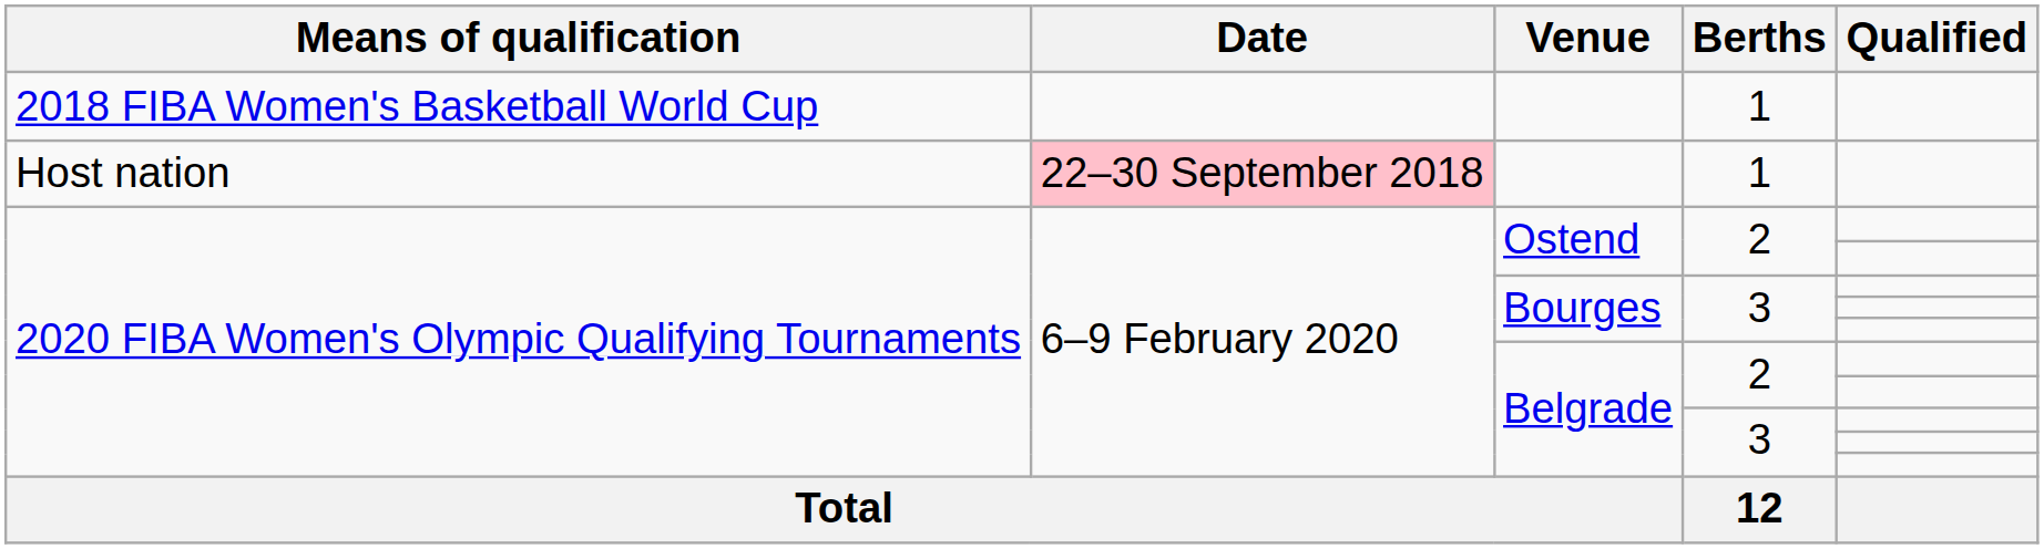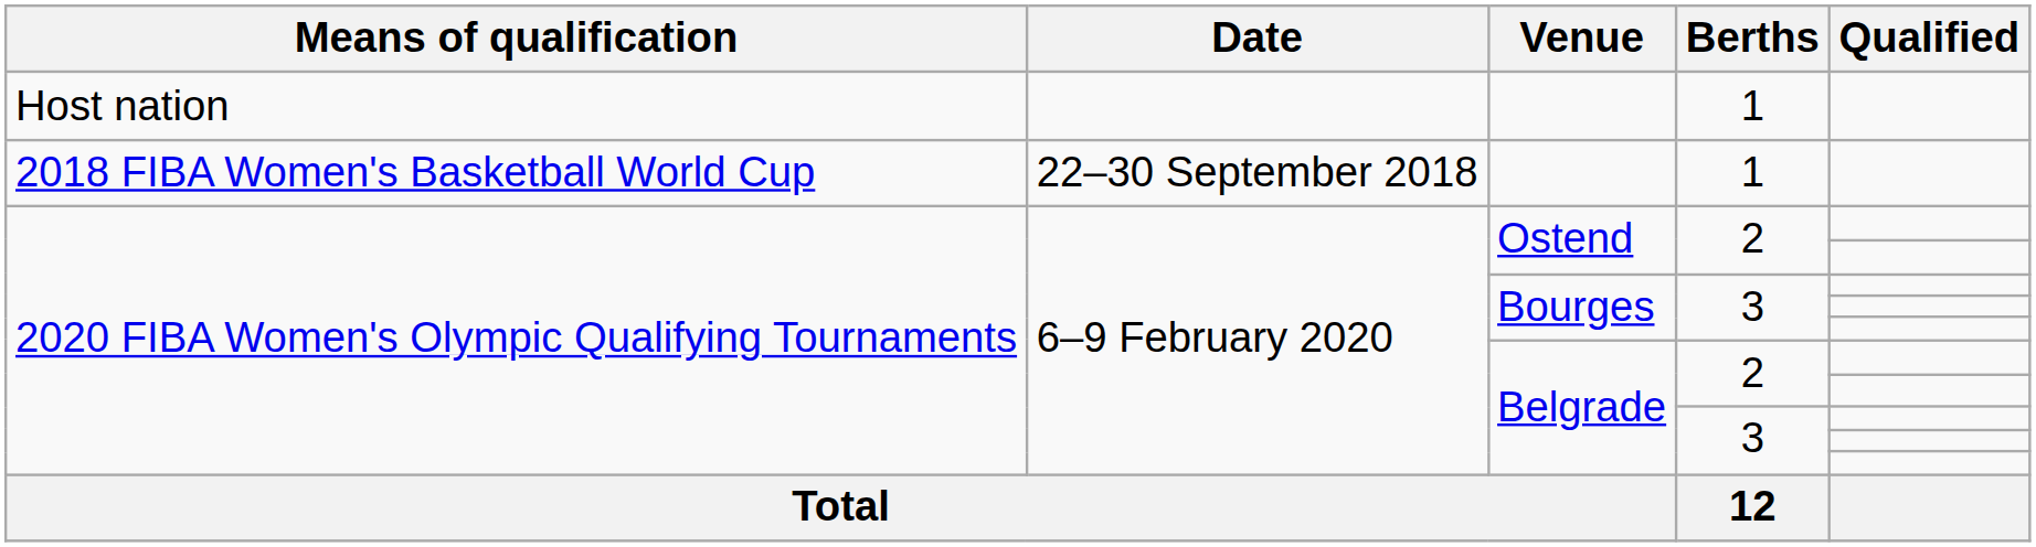 <table class="wikitable">
 <tr>
 <th>Means of qualification</th>
 <th>Date</th>
 <th>Venue</th>
 <th>Berths</th>
 <th>Qualified</th>
 </tr>
 <tr>
-<td><a href='#'>2018 FIBA Women's Basketball World Cup</a></td>
+<td>Host nation</td>
 <td></td>
 <td></td>
 <td style="text-align:center;">1</td>
 <td></td>
 </tr>
 <tr>
-<td>Host nation</td>
-<td style="background: pink;">22–30 September 2018</td>
+<td><a href='#'>2018 FIBA Women's Basketball World Cup</a></td>
+<td>22–30 September 2018</td>
 <td></td>
 <td style="text-align:center;">1</td>
 <td></td>
 </tr>
 <tr>
 <td rowspan="10"><a href='#'>2020 FIBA Women's Olympic Qualifying Tournaments</a></td>
 <td rowspan="10">6–9 February 2020</td>
 <td rowspan=2> <a href='#'>Ostend</a></td>
 <td rowspan=2 style="text-align:center;">2</td>
 <td></td>
 </tr>
 <tr>
 <td></td>
 </tr>
 <tr>
 <td rowspan=3> <a href='#'>Bourges</a></td>
 <td rowspan=3 align=center>3</td>
 <td></td>
 </tr>
 <tr>
 <td></td>
 </tr>
 <tr>
 <td></td>
 </tr>
 <tr>
 <td rowspan=5> <a href='#'>Belgrade</a></td>
 <td rowspan=2 align=center>2</td>
 <td></td>
 </tr>
 <tr>
 <td></td>
 </tr>
 <tr>
 <td rowspan=3 align=center>3</td>
 <td></td>
 </tr>
 <tr>
 <td></td>
 </tr>
 <tr>
 <td></td>
 </tr>
 <tr>
 <th colspan="3">Total</th>
 <th>12</th>
 <th></th>
 </tr>
 </table>
